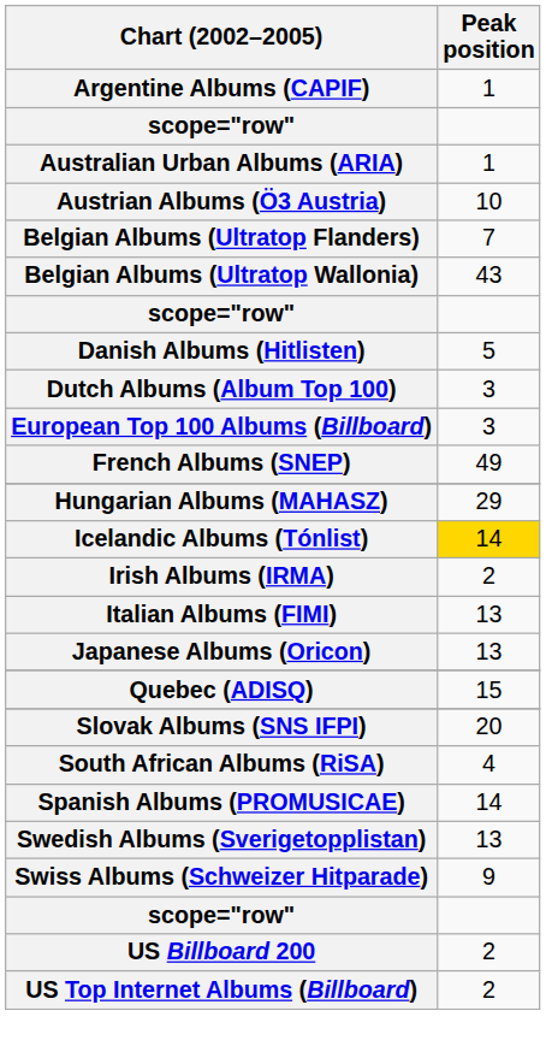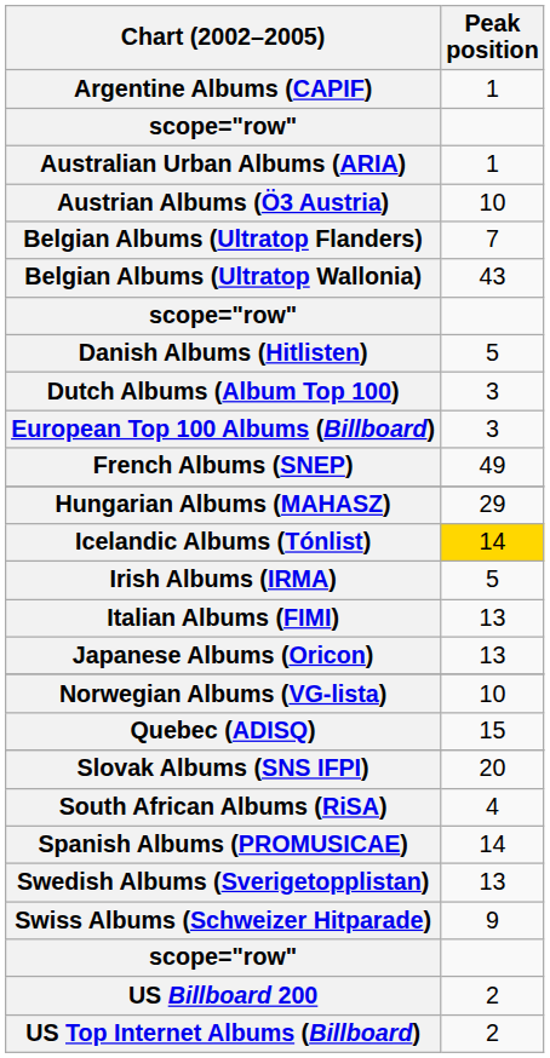 <table class="wikitable sortable plainrowheaders" style="text-align:center">
 <tr>
 <th scope="col">Chart (2002–2005)</th>
 <th scope="col">Peak<br>position</th>
 </tr>
 <tr>
 <th scope="row">Argentine Albums (<a href='#'>CAPIF</a>)</th>
 <td>1</td>
 </tr>
 <tr>
 <th>scope="row"</th>
 </tr>
 <tr>
 <th scope="row">Australian Urban Albums (<a href='#'>ARIA</a>)</th>
 <td>1</td>
 </tr>
 <tr>
 <th scope="row">Austrian Albums (<a href='#'>Ö3 Austria</a>)</th>
 <td>10</td>
 </tr>
 <tr>
 <th scope="row">Belgian Albums (<a href='#'>Ultratop</a> Flanders)</th>
 <td>7</td>
 </tr>
 <tr>
 <th scope="row">Belgian Albums (<a href='#'>Ultratop</a> Wallonia)</th>
 <td>43</td>
 </tr>
 <tr>
 <th>scope="row"</th>
 </tr>
 <tr>
 <th scope="row">Danish Albums (<a href='#'>Hitlisten</a>)</th>
 <td>5</td>
 </tr>
 <tr>
 <th scope="row">Dutch Albums (<a href='#'>Album Top 100</a>)</th>
 <td>3</td>
 </tr>
 <tr>
 <th scope="row"><a href='#'>European Top 100 Albums</a> (<em><a href='#'>Billboard</a></em>)</th>
 <td>3</td>
 </tr>
 <tr>
 <th scope="row">French Albums (<a href='#'>SNEP</a>)</th>
 <td>49</td>
 </tr>
 <tr>
 </tr>
 <tr>
 <th scope="row">Hungarian Albums (<a href='#'>MAHASZ</a>)</th>
 <td>29</td>
 </tr>
 <tr>
 <th scope="row">Icelandic Albums (<a href='#'>Tónlist</a>)</th>
 <td style="background: gold;">14</td>
 </tr>
 <tr>
 <th scope="row">Irish Albums (<a href='#'>IRMA</a>)</th>
-<td>2</td>
+<td>5</td>
 </tr>
 <tr>
 <th scope="row">Italian Albums (<a href='#'>FIMI</a>)</th>
 <td>13</td>
 </tr>
 <tr>
 <th scope="row">Japanese Albums (<a href='#'>Oricon</a>)</th>
 <td>13</td>
 </tr>
 <tr>
+</tr>
+<tr>
+<th scope="row">Norwegian Albums (<a href='#'>VG-lista</a>)</th>
+<td>10</td>
 </tr>
 <tr>
 <th scope="row">Quebec (<a href='#'>ADISQ</a>)</th>
 <td>15</td>
 </tr>
 <tr>
 </tr>
 <tr>
 <th scope="row">Slovak Albums (<a href='#'>SNS IFPI</a>)</th>
 <td>20</td>
 </tr>
 <tr>
 <th scope="row">South African Albums (<a href='#'>RiSA</a>)</th>
 <td>4</td>
 </tr>
 <tr>
 <th scope="row">Spanish Albums (<a href='#'>PROMUSICAE</a>)</th>
 <td>14</td>
 </tr>
 <tr>
 <th scope="row">Swedish Albums (<a href='#'>Sverigetopplistan</a>)</th>
 <td>13</td>
 </tr>
 <tr>
 <th scope="row">Swiss Albums (<a href='#'>Schweizer Hitparade</a>)</th>
 <td>9</td>
 </tr>
 <tr>
 <th>scope="row"</th>
 </tr>
 <tr>
 <th scope="row">US <a href='#'><em>Billboard</em> 200</a></th>
 <td>2</td>
 </tr>
 <tr>
 <th scope="row">US <a href='#'>Top Internet Albums</a> (<em><a href='#'>Billboard</a></em>)</th>
 <td>2</td>
 </tr>
 </table>
